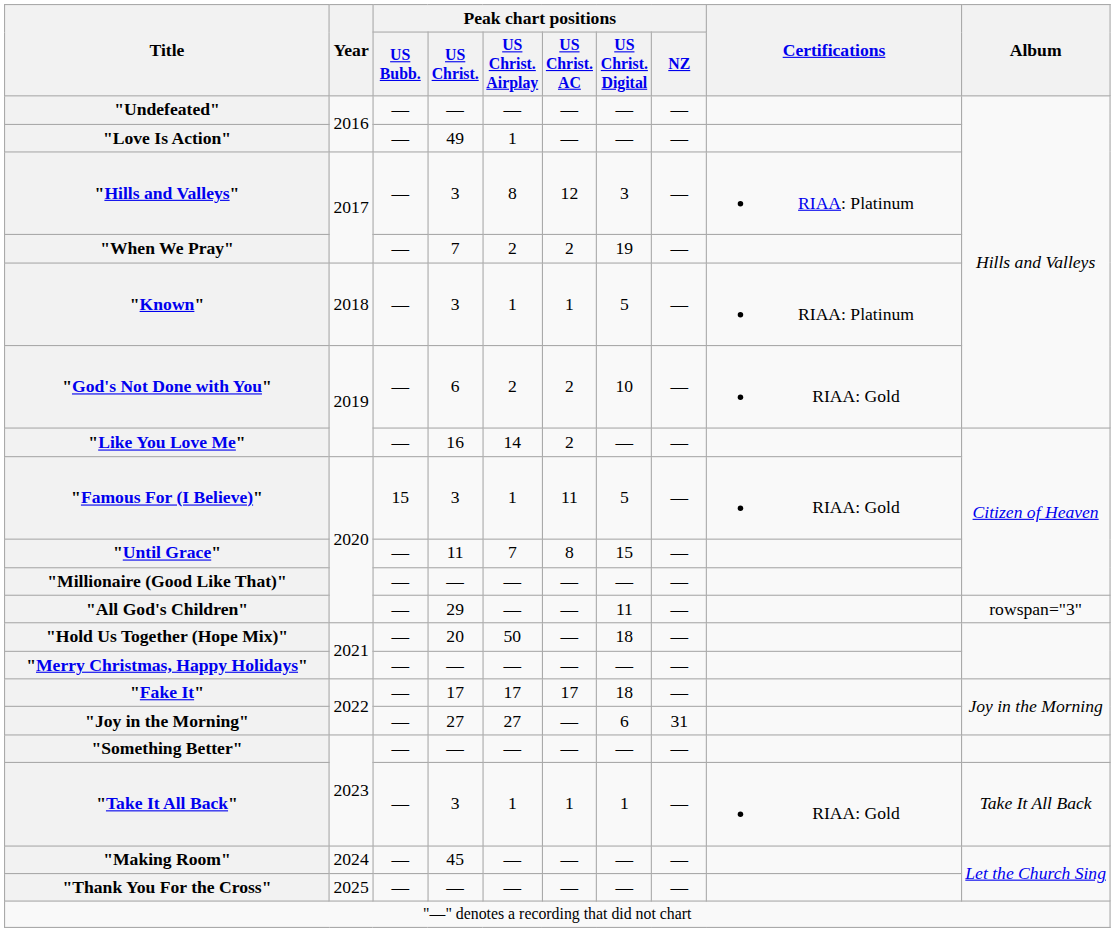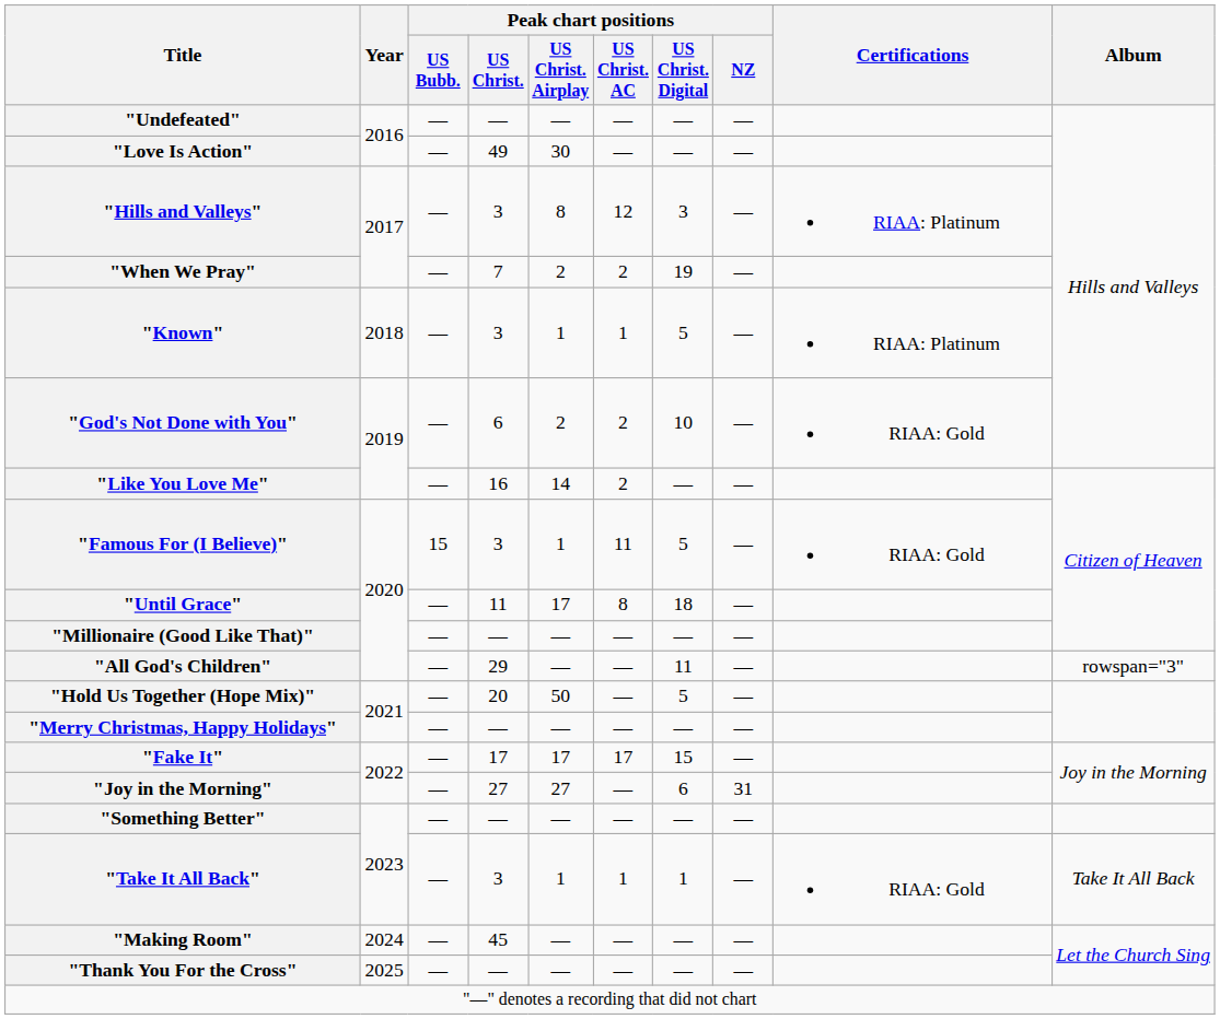 <table class="wikitable plainrowheaders" style="text-align:center;">
 <tr>
 <th scope="col" rowspan="2" style="width:18em;">Title</th>
 <th scope="col" rowspan="2">Year</th>
 <th colspan="6" scope="col">Peak chart positions</th>
 <th scope="col" rowspan="2" style="width:14em;"><a href='#'>Certifications</a></th>
 <th scope="col" rowspan="2">Album</th>
 </tr>
 <tr>
 <th scope="col" style="width:3em;font-size:90%;"><a href='#'>US<br>Bubb.</a><br></th>
 <th scope="col" style="width:3em;font-size:90%;"><a href='#'>US<br>Christ.</a><br></th>
 <th scope="col" style="width:3em;font-size:90%;"><a href='#'>US<br>Christ.<br>Airplay</a><br></th>
 <th scope="col" style="width:3em;font-size:90%;"><a href='#'>US<br>Christ. AC</a><br></th>
 <th scope="col" style="width:3em;font-size:90%;"><a href='#'>US<br>Christ.<br>Digital</a><br></th>
 <th scope="col" style="width:3em;font-size:90%;"><a href='#'>NZ</a><br></th>
 </tr>
 <tr>
 <th scope="row">"Undefeated"<br></th>
 <td rowspan="2">2016</td>
 <td>—</td>
 <td>—</td>
 <td>—</td>
 <td>—</td>
 <td>—</td>
 <td>—</td>
 <td></td>
 <td rowspan="6"><em>Hills and Valleys</em></td>
 </tr>
 <tr>
 <th scope="row">"Love Is Action"</th>
 <td>—</td>
 <td>49</td>
-<td>1</td>
+<td>30</td>
 <td>—</td>
 <td>—</td>
 <td>—</td>
 <td></td>
 </tr>
 <tr>
 <th scope="row">"<a href='#'>Hills and Valleys</a>"</th>
 <td rowspan="2">2017</td>
 <td>—</td>
 <td>3</td>
 <td>8</td>
 <td>12</td>
 <td>3</td>
 <td>—</td>
 <td><br><ul><li><a href='#'>RIAA</a>: Platinum</li></ul></td>
 </tr>
 <tr>
 <th scope="row">"When We Pray"</th>
 <td>—</td>
 <td>7</td>
 <td>2</td>
 <td>2</td>
 <td>19</td>
 <td>—</td>
 <td></td>
 </tr>
 <tr>
 <th scope="row">"<a href='#'>Known</a>"</th>
 <td>2018</td>
 <td>—</td>
 <td>3</td>
 <td>1</td>
 <td>1</td>
 <td>5</td>
 <td>—</td>
 <td><br><ul><li>RIAA: Platinum</li></ul></td>
 </tr>
 <tr>
 <th scope="row">"<a href='#'>God's Not Done with You</a>"</th>
 <td rowspan="2">2019</td>
 <td>—</td>
 <td>6</td>
 <td>2</td>
 <td>2</td>
 <td>10</td>
 <td>—</td>
 <td><br><ul><li>RIAA: Gold</li></ul></td>
 </tr>
 <tr>
 <th scope="row">"<a href='#'>Like You Love Me</a>"</th>
 <td>—</td>
 <td>16</td>
 <td>14</td>
 <td>2</td>
 <td>—</td>
 <td>—</td>
 <td></td>
 <td rowspan="4"><em><a href='#'>Citizen of Heaven</a></em></td>
 </tr>
 <tr>
 <th scope="row">"<a href='#'>Famous For (I Believe)</a>"<br></th>
 <td rowspan="4">2020</td>
 <td>15</td>
 <td>3</td>
 <td>1</td>
 <td>11</td>
 <td>5</td>
 <td>—</td>
 <td><br><ul><li>RIAA: Gold</li></ul></td>
 </tr>
 <tr>
 <th scope="row">"<a href='#'>Until Grace</a>"<br></th>
 <td>—</td>
 <td>11</td>
-<td>7</td>
+<td>17</td>
 <td>8</td>
-<td>15</td>
+<td>18</td>
 <td>—</td>
 <td></td>
 </tr>
 <tr>
 <th scope="row">"Millionaire (Good Like That)"<br></th>
 <td>—</td>
 <td>—</td>
 <td>—</td>
 <td>—</td>
 <td>—</td>
 <td>—</td>
 <td></td>
 </tr>
 <tr>
 <th scope="row">"All God's Children"</th>
 <td>—</td>
 <td>29</td>
 <td>—</td>
 <td>—</td>
 <td>11</td>
 <td>—</td>
 <td></td>
 <td>rowspan="3" </td>
 </tr>
 <tr>
 <th scope="row">"Hold Us Together (Hope Mix)"<br></th>
 <td rowspan="2">2021</td>
 <td>—</td>
 <td>20</td>
 <td>50</td>
 <td>—</td>
-<td>18</td>
+<td>5</td>
 <td>—</td>
 <td></td>
 </tr>
 <tr>
 <th scope="row">"<a href='#'>Merry Christmas, Happy Holidays</a>"</th>
 <td>—</td>
 <td>—</td>
 <td>—</td>
 <td>—</td>
 <td>—</td>
 <td>—</td>
 <td></td>
 </tr>
 <tr>
 <th scope="row">"<a href='#'>Fake It</a>"<br></th>
 <td rowspan="2">2022</td>
 <td>—</td>
 <td>17</td>
 <td>17</td>
 <td>17</td>
-<td>18</td>
+<td>15</td>
 <td>—</td>
 <td></td>
 <td rowspan="2"><em>Joy in the Morning</em></td>
 </tr>
 <tr>
 <th scope="row">"Joy in the Morning"</th>
 <td>—</td>
 <td>27</td>
 <td>27</td>
 <td>—</td>
 <td>6</td>
 <td>31</td>
 <td></td>
 </tr>
 <tr>
 <th scope="row">"Something Better"<br></th>
 <td rowspan="2”">2023</td>
 <td>—</td>
 <td>—</td>
 <td>—</td>
 <td>—</td>
 <td>—</td>
 <td>—</td>
 <td></td>
 <td></td>
 </tr>
 <tr>
 <th scope="row">"<a href='#'>Take It All Back</a>"<br></th>
 <td>—</td>
 <td>3</td>
 <td>1</td>
 <td>1</td>
 <td>1</td>
 <td>—</td>
 <td><br><ul><li>RIAA: Gold</li></ul></td>
 <td><em>Take It All Back</em></td>
 </tr>
 <tr>
 <th scope="row">"Making Room"</th>
 <td>2024</td>
 <td>—</td>
 <td>45</td>
 <td>—</td>
 <td>—</td>
 <td>—</td>
 <td>—</td>
 <td></td>
 <td rowspan="2"><em><a href='#'>Let the Church Sing</a></em></td>
 </tr>
 <tr>
 <th scope="row">"Thank You For the Cross"</th>
 <td>2025</td>
 <td>—</td>
 <td>—</td>
 <td>—</td>
 <td>—</td>
 <td>—</td>
 <td>—</td>
 <td></td>
 </tr>
 <tr>
 <td colspan="10" style="font-size:90%">"—" denotes a recording that did not chart</td>
 </tr>
 </table>
